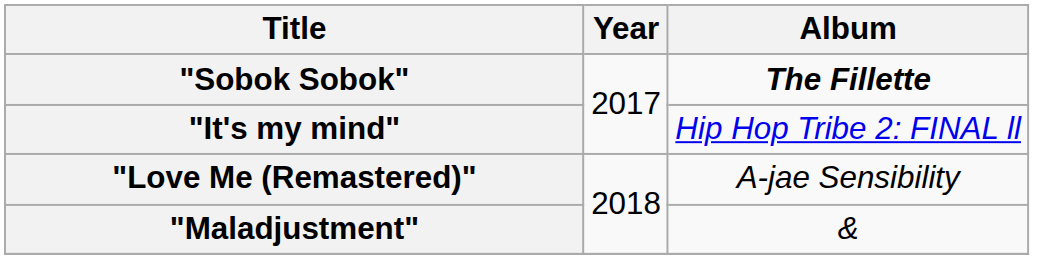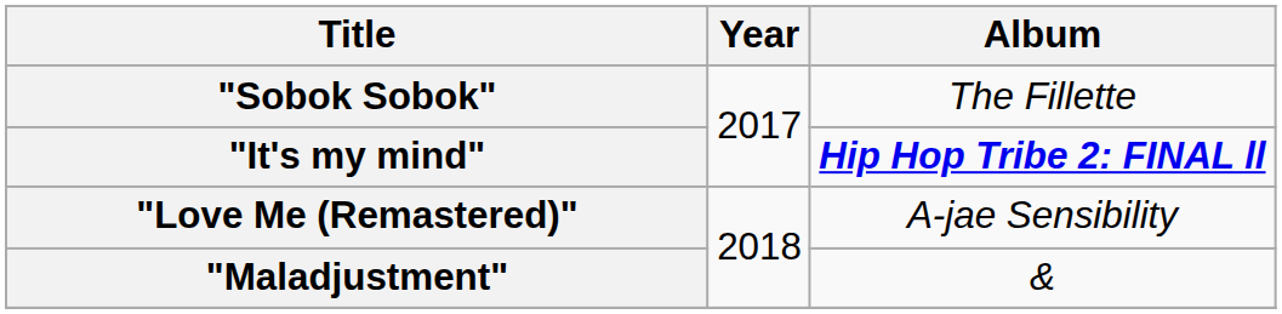 <table class="wikitable plainrowheaders" style="text-align:center;" border="1">
 <tr>
 <th scope="col" rowspan="1" style="width:18em;">Title</th>
 <th scope="col" rowspan="1">Year</th>
 <th scope="col" rowspan="1">Album</th>
 </tr>
 <tr>
 <th scope="row">"Sobok Sobok" <br></th>
 <td rowspan="2">2017</td>
-<td><strong><em>The Fillette</em></strong></td>
+<td><em>The Fillette</em></td>
 </tr>
 <tr>
 <th scope="row">"It's my mind" <br></th>
-<td><em><a href='#'>Hip Hop Tribe 2: FINAL ll</a></em></td>
+<td><strong><em><a href='#'>Hip Hop Tribe 2: FINAL ll</a></em></strong></td>
 </tr>
 <tr>
 <th scope="row">"Love Me (Remastered)" <br></th>
 <td rowspan="2">2018</td>
 <td><em>A-jae Sensibility</em></td>
 </tr>
 <tr>
 <th scope="row">"Maladjustment" <br></th>
 <td><em>&</em></td>
 </tr>
 <tr>
 </tr>
 </table>
